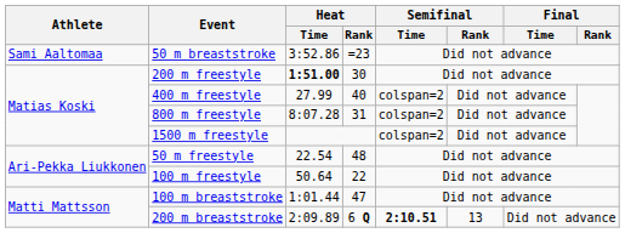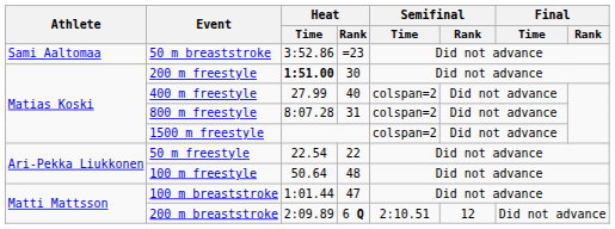 <table class=wikitable style="font-size:90%">
 <tr>
 <th rowspan="2">Athlete</th>
 <th rowspan="2">Event</th>
 <th colspan="2">Heat</th>
 <th colspan="2">Semifinal</th>
 <th colspan="2">Final</th>
 </tr>
 <tr style="font-size:95%">
 <th>Time</th>
 <th>Rank</th>
 <th>Time</th>
 <th>Rank</th>
 <th>Time</th>
 <th>Rank</th>
 </tr>
 <tr align=center>
 <td align=left><a href='#'>Sami Aaltomaa</a></td>
 <td align=left><a href='#'>50 m breaststroke</a></td>
 <td>3:52.86</td>
 <td>=23</td>
 <td colspan=4>Did not advance</td>
 </tr>
 <tr align=center>
 <td align=left rowspan=4><a href='#'>Matias Koski</a></td>
 <td align=left><a href='#'>200 m freestyle</a></td>
 <td><strong>1:51.00</strong></td>
 <td>30</td>
 <td colspan=4>Did not advance</td>
 </tr>
 <tr align=center>
 <td align=left><a href='#'>400 m freestyle</a></td>
 <td>27.99</td>
 <td>40</td>
 <td>colspan=2 </td>
 <td colspan=2>Did not advance</td>
 </tr>
 <tr align=center>
 <td align=left><a href='#'>800 m freestyle</a></td>
 <td>8:07.28</td>
 <td>31</td>
 <td>colspan=2 </td>
 <td colspan=2>Did not advance</td>
 </tr>
 <tr align=center>
 <td align=left><a href='#'>1500 m freestyle</a></td>
 <td colspan=2></td>
 <td>colspan=2 </td>
 <td colspan=2>Did not advance</td>
 </tr>
 <tr align=center>
 <td align=left rowspan=2><a href='#'>Ari-Pekka Liukkonen</a></td>
 <td align=left><a href='#'>50 m freestyle</a></td>
 <td>22.54</td>
-<td>48</td>
+<td>22</td>
 <td colspan=4>Did not advance</td>
 </tr>
 <tr align=center>
 <td align=left><a href='#'>100 m freestyle</a></td>
 <td>50.64</td>
-<td>22</td>
+<td>48</td>
 <td colspan=4>Did not advance</td>
 </tr>
 <tr align=center>
 <td align=left rowspan=2><a href='#'>Matti Mattsson</a></td>
 <td align=left><a href='#'>100 m breaststroke</a></td>
 <td>1:01.44</td>
 <td>47</td>
 <td colspan=4>Did not advance</td>
 </tr>
 <tr align=center>
 <td align=left><a href='#'>200 m breaststroke</a></td>
 <td>2:09.89</td>
 <td>6 <strong>Q</strong></td>
-<td><strong>2:10.51</strong></td>
-<td>13</td>
+<td>2:10.51</td>
+<td>12</td>
 <td colspan=2>Did not advance</td>
 </tr>
 </table>
